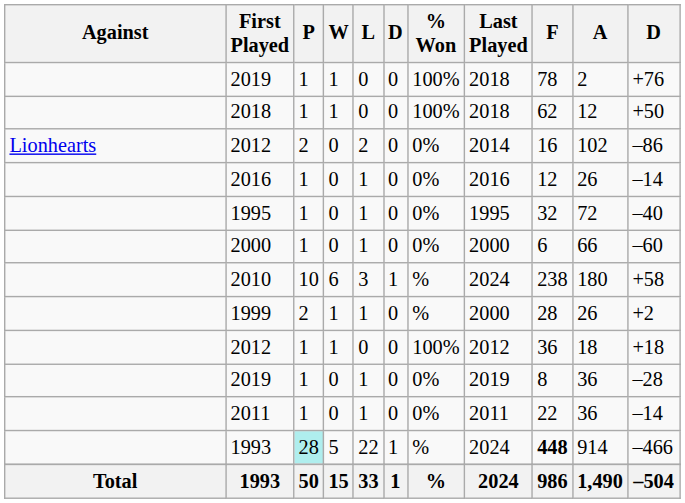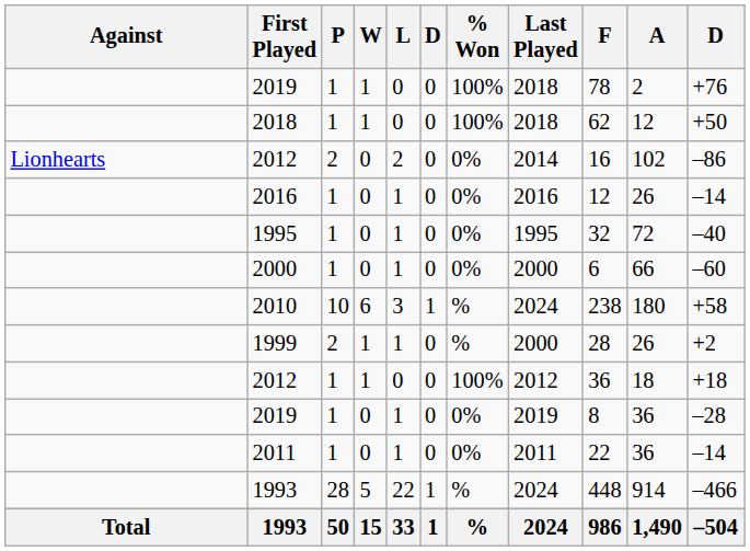 <table class="sortable wikitable" style="font-size:90%">
 <tr>
 <th style="width:150px;">Against</th>
 <th style="width:5px;">First Played</th>
 <th style="width:5px;">P</th>
 <th style="width:5px;">W</th>
 <th style="width:5px;">L</th>
 <th style="width:5px;">D</th>
 <th style="width:30px;">% Won</th>
 <th style="width:5px;">Last Played</th>
 <th style="width:5px;">F</th>
 <th style="width:5px;">A</th>
 <th style="width:30px;">D</th>
 </tr>
 <tr>
 <td align="left"></td>
 <td>2019</td>
 <td>1</td>
 <td>1</td>
 <td>0</td>
 <td>0</td>
 <td>100%</td>
 <td>2018</td>
 <td>78</td>
 <td>2</td>
 <td>+76</td>
 </tr>
 <tr>
 <td align="left"></td>
 <td>2018</td>
 <td>1</td>
 <td>1</td>
 <td>0</td>
 <td>0</td>
 <td>100%</td>
 <td>2018</td>
 <td>62</td>
 <td>12</td>
 <td>+50</td>
 </tr>
 <tr>
 <td align="left"> <a href='#'>Lionhearts</a></td>
 <td>2012</td>
 <td>2</td>
 <td>0</td>
 <td>2</td>
 <td>0</td>
 <td>0%</td>
 <td>2014</td>
 <td>16</td>
 <td>102</td>
 <td>–86</td>
 </tr>
 <tr>
 <td align="left"></td>
 <td>2016</td>
 <td>1</td>
 <td>0</td>
 <td>1</td>
 <td>0</td>
 <td>0%</td>
 <td>2016</td>
 <td>12</td>
 <td>26</td>
 <td>–14</td>
 </tr>
 <tr>
 <td align="left"></td>
 <td>1995</td>
 <td>1</td>
 <td>0</td>
 <td>1</td>
 <td>0</td>
 <td>0%</td>
 <td>1995</td>
 <td>32</td>
 <td>72</td>
 <td>–40</td>
 </tr>
 <tr>
 <td align="left"></td>
 <td>2000</td>
 <td>1</td>
 <td>0</td>
 <td>1</td>
 <td>0</td>
 <td>0%</td>
 <td>2000</td>
 <td>6</td>
 <td>66</td>
 <td>–60</td>
 </tr>
 <tr>
 <td align="left"></td>
 <td>2010</td>
 <td>10</td>
 <td>6</td>
 <td>3</td>
 <td>1</td>
 <td>%</td>
 <td>2024</td>
 <td>238</td>
 <td>180</td>
 <td>+58</td>
 </tr>
 <tr>
 <td align="left"></td>
 <td>1999</td>
 <td>2</td>
 <td>1</td>
 <td>1</td>
 <td>0</td>
 <td>%</td>
 <td>2000</td>
 <td>28</td>
 <td>26</td>
 <td>+2</td>
 </tr>
 <tr>
 <td align="left"></td>
 <td>2012</td>
 <td>1</td>
 <td>1</td>
 <td>0</td>
 <td>0</td>
 <td>100%</td>
 <td>2012</td>
 <td>36</td>
 <td>18</td>
 <td>+18</td>
 </tr>
 <tr>
 <td align="left"></td>
 <td>2019</td>
 <td>1</td>
 <td>0</td>
 <td>1</td>
 <td>0</td>
 <td>0%</td>
 <td>2019</td>
 <td>8</td>
 <td>36</td>
 <td>–28</td>
 </tr>
 <tr>
 <td align="left"></td>
 <td>2011</td>
 <td>1</td>
 <td>0</td>
 <td>1</td>
 <td>0</td>
 <td>0%</td>
 <td>2011</td>
 <td>22</td>
 <td>36</td>
 <td>–14</td>
 </tr>
 <tr>
 <td align="left"></td>
 <td>1993</td>
-<td style="background: paleturquoise;">28</td>
+<td>28</td>
 <td>5</td>
 <td>22</td>
 <td>1</td>
 <td>%</td>
 <td>2024</td>
-<td><strong>448</strong></td>
+<td>448</td>
 <td>914</td>
 <td>–466</td>
 </tr>
 <tr>
 </tr>
 <tr class="sortbottom">
 <th>Total</th>
 <th>1993</th>
 <th>50</th>
 <th>15</th>
 <th>33</th>
 <th>1</th>
 <th>%</th>
 <th>2024</th>
 <th>986</th>
 <th>1,490</th>
 <th>–504</th>
 </tr>
 </table>
